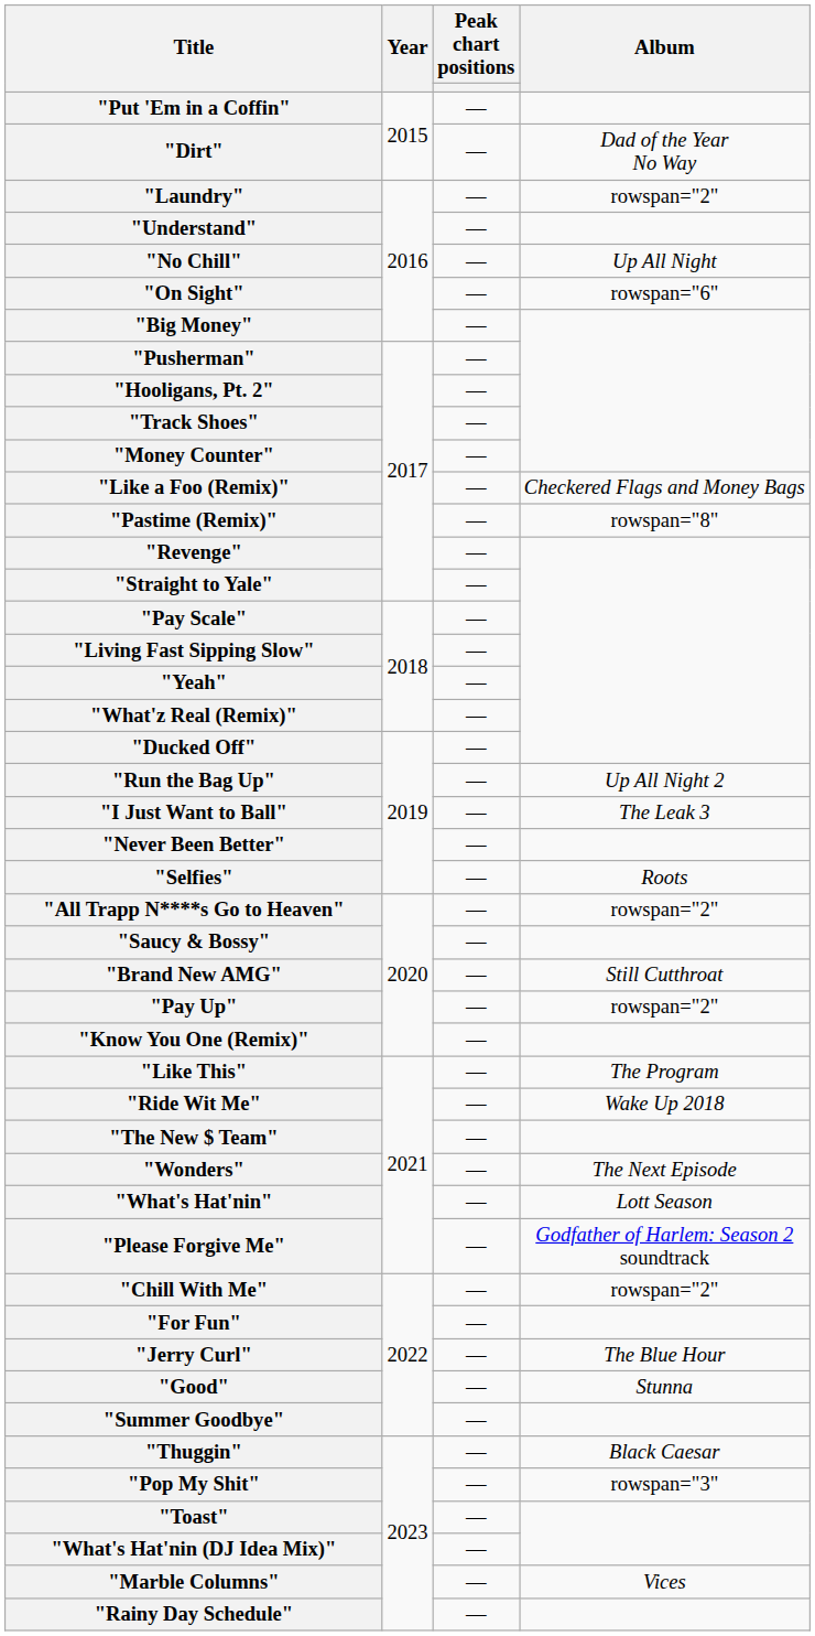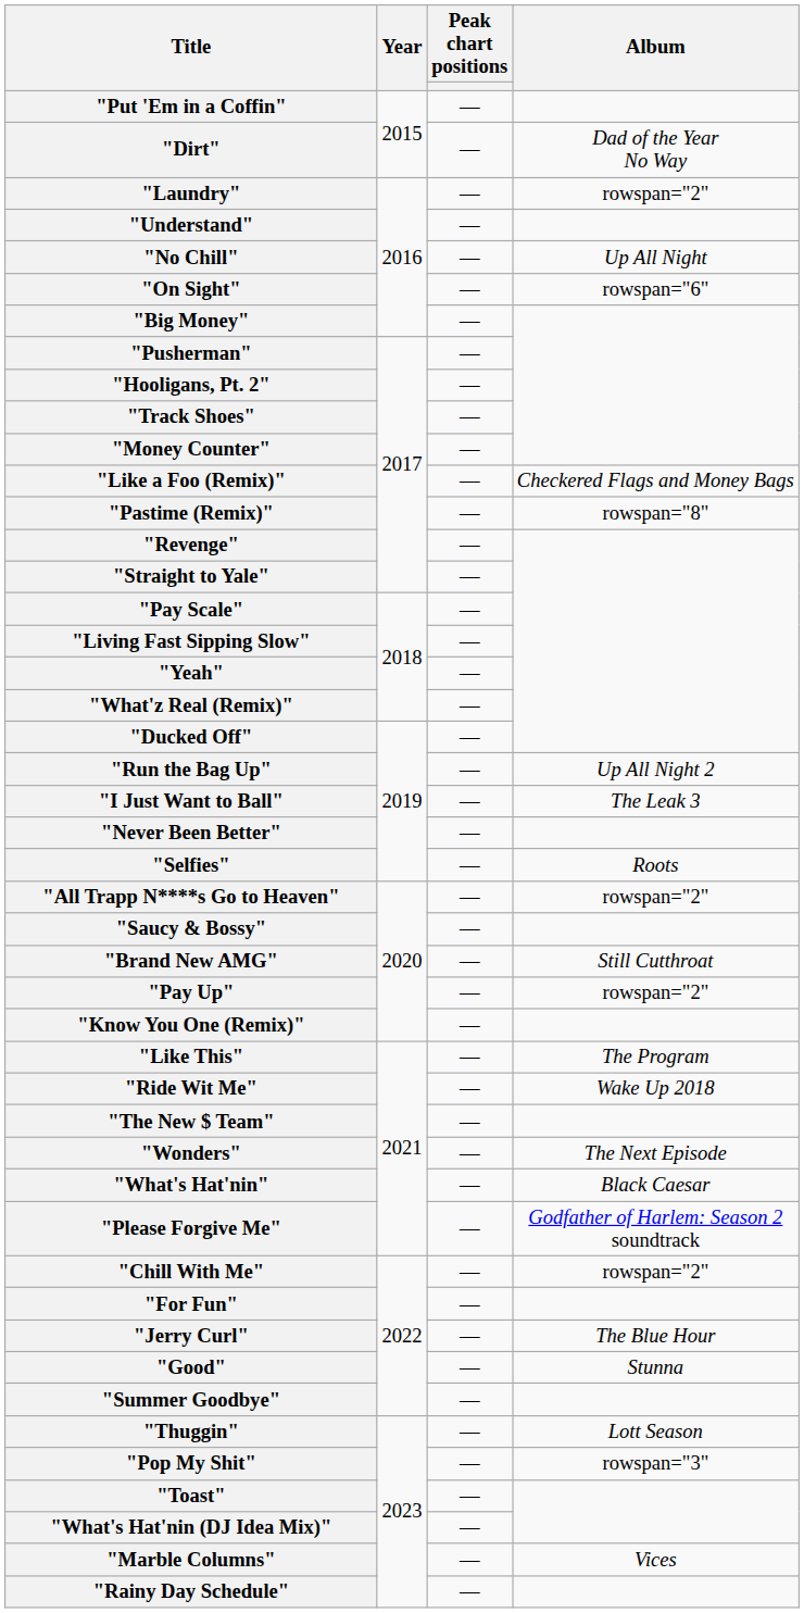 <table class="wikitable plainrowheaders" style="text-align:center;">
 <tr>
 <th rowspan="2" scope="col" style="width:18em;">Title</th>
 <th rowspan="2" scope="col" style="width:1em;">Year</th>
 <th colspan="1" scope="col">Peak chart positions</th>
 <th rowspan="2" scope="col">Album</th>
 </tr>
 <tr>
 <th scope="col" style="width:3em;font-size:85%;"></th>
 </tr>
 <tr>
 <th scope="row">"Put 'Em in a Coffin"<br></th>
 <td rowspan="2">2015</td>
 <td>—</td>
 <td></td>
 </tr>
 <tr>
 <th scope="row">"Dirt"<br></th>
 <td>—</td>
 <td><em>Dad of the Year</em><br><em>No Way</em></td>
 </tr>
 <tr>
 <th scope="row">"Laundry"<br></th>
 <td rowspan="5">2016</td>
 <td>—</td>
 <td>rowspan="2" </td>
 </tr>
 <tr>
 <th scope="row">"Understand"<br></th>
 <td>—</td>
 </tr>
 <tr>
 <th scope="row">"No Chill"<br></th>
 <td>—</td>
 <td><em>Up All Night</em></td>
 </tr>
 <tr>
 <th scope="row">"On Sight"<br></th>
 <td>—</td>
 <td>rowspan="6" </td>
 </tr>
 <tr>
 <th scope="row">"Big Money"<br></th>
 <td>—</td>
 </tr>
 <tr>
 <th scope="row">"Pusherman"<br></th>
 <td rowspan="8">2017</td>
 <td>—</td>
 </tr>
 <tr>
 <th scope="row">"Hooligans, Pt. 2"<br></th>
 <td>—</td>
 </tr>
 <tr>
 <th scope="row">"Track Shoes"<br></th>
 <td>—</td>
 </tr>
 <tr>
 <th scope="row">"Money Counter"<br></th>
 <td>—</td>
 </tr>
 <tr>
 <th scope="row">"Like a Foo (Remix)"<br></th>
 <td>—</td>
 <td><em>Checkered Flags and Money Bags</em></td>
 </tr>
 <tr>
 <th scope="row">"Pastime (Remix)"<br></th>
 <td>—</td>
 <td>rowspan="8" </td>
 </tr>
 <tr>
 <th scope="row">"Revenge"<br></th>
 <td>—</td>
 </tr>
 <tr>
 <th scope="row">"Straight to Yale"<br></th>
 <td>—</td>
 </tr>
 <tr>
 <th scope="row">"Pay Scale"<br></th>
 <td rowspan="4">2018</td>
 <td>—</td>
 </tr>
 <tr>
 <th scope="row">"Living Fast Sipping Slow"<br></th>
 <td>—</td>
 </tr>
 <tr>
 <th scope="row">"Yeah"<br></th>
 <td>—</td>
 </tr>
 <tr>
 <th scope="row">"What'z Real (Remix)"<br></th>
 <td>—</td>
 </tr>
 <tr>
 <th scope="row">"Ducked Off"<br></th>
 <td rowspan="5">2019</td>
 <td>—</td>
 </tr>
 <tr>
 <th scope="row">"Run the Bag Up"<br></th>
 <td>—</td>
 <td><em>Up All Night 2</em></td>
 </tr>
 <tr>
 <th scope="row">"I Just Want to Ball"<br></th>
 <td>—</td>
 <td><em>The Leak 3</em></td>
 </tr>
 <tr>
 <th scope="row">"Never Been Better"<br></th>
 <td>—</td>
 <td></td>
 </tr>
 <tr>
 <th scope="row">"Selfies"<br></th>
 <td>—</td>
 <td><em>Roots</em></td>
 </tr>
 <tr>
 <th scope="row">"All Trapp N****s Go to Heaven"<br></th>
 <td rowspan="5">2020</td>
 <td>—</td>
 <td>rowspan="2" </td>
 </tr>
 <tr>
 <th scope="row">"Saucy & Bossy"<br></th>
 <td>—</td>
 </tr>
 <tr>
 <th scope="row">"Brand New AMG"<br></th>
 <td>—</td>
 <td><em>Still Cutthroat</em></td>
 </tr>
 <tr>
 <th scope="row">"Pay Up"<br></th>
 <td>—</td>
 <td>rowspan="2" </td>
 </tr>
 <tr>
 <th scope="row">"Know You One (Remix)"<br></th>
 <td>—</td>
 </tr>
 <tr>
 <th scope="row">"Like This"<br></th>
 <td rowspan="6">2021</td>
 <td>—</td>
 <td><em>The Program</em></td>
 </tr>
 <tr>
 <th scope="row">"Ride Wit Me"<br></th>
 <td>—</td>
 <td><em>Wake Up 2018</em></td>
 </tr>
 <tr>
 <th scope="row">"The New $ Team"<br></th>
 <td>—</td>
 <td></td>
 </tr>
 <tr>
 <th scope="row">"Wonders"<br></th>
 <td>—</td>
 <td><em>The Next Episode</em></td>
 </tr>
 <tr>
 <th scope="row">"What's Hat'nin"<br></th>
 <td>—</td>
-<td><em>Lott Season</em></td>
+<td><em>Black Caesar</em></td>
 </tr>
 <tr>
 <th scope="row">"Please Forgive Me"<br></th>
 <td>—</td>
 <td><em><a href='#'>Godfather of Harlem: Season 2</a></em><br>soundtrack</td>
 </tr>
 <tr>
 <th scope="row">"Chill With Me"<br></th>
 <td rowspan="5">2022</td>
 <td>—</td>
 <td>rowspan="2" </td>
 </tr>
 <tr>
 <th scope="row">"For Fun"<br></th>
 <td>—</td>
 </tr>
 <tr>
 <th scope="row">"Jerry Curl"<br></th>
 <td>—</td>
 <td><em>The Blue Hour</em></td>
 </tr>
 <tr>
 <th scope="row">"Good"<br></th>
 <td>—</td>
 <td><em>Stunna</em></td>
 </tr>
 <tr>
 <th scope="row">"Summer Goodbye"<br></th>
 <td>—</td>
 <td></td>
 </tr>
 <tr>
 <th scope="row">"Thuggin"<br></th>
 <td rowspan="6">2023</td>
 <td>—</td>
-<td><em>Black Caesar</em></td>
+<td><em>Lott Season</em></td>
 </tr>
 <tr>
 <th scope="row">"Pop My Shit"<br></th>
 <td>—</td>
 <td>rowspan="3" </td>
 </tr>
 <tr>
 <th scope="row">"Toast"<br></th>
 <td>—</td>
 </tr>
 <tr>
 <th scope="row">"What's Hat'nin (DJ Idea Mix)"<br></th>
 <td>—</td>
 </tr>
 <tr>
 <th scope="row">"Marble Columns"<br></th>
 <td>—</td>
 <td><em>Vices</em></td>
 </tr>
 <tr>
 <th scope="row">"Rainy Day Schedule"<br></th>
 <td>—</td>
 <td></td>
 </tr>
 </table>
